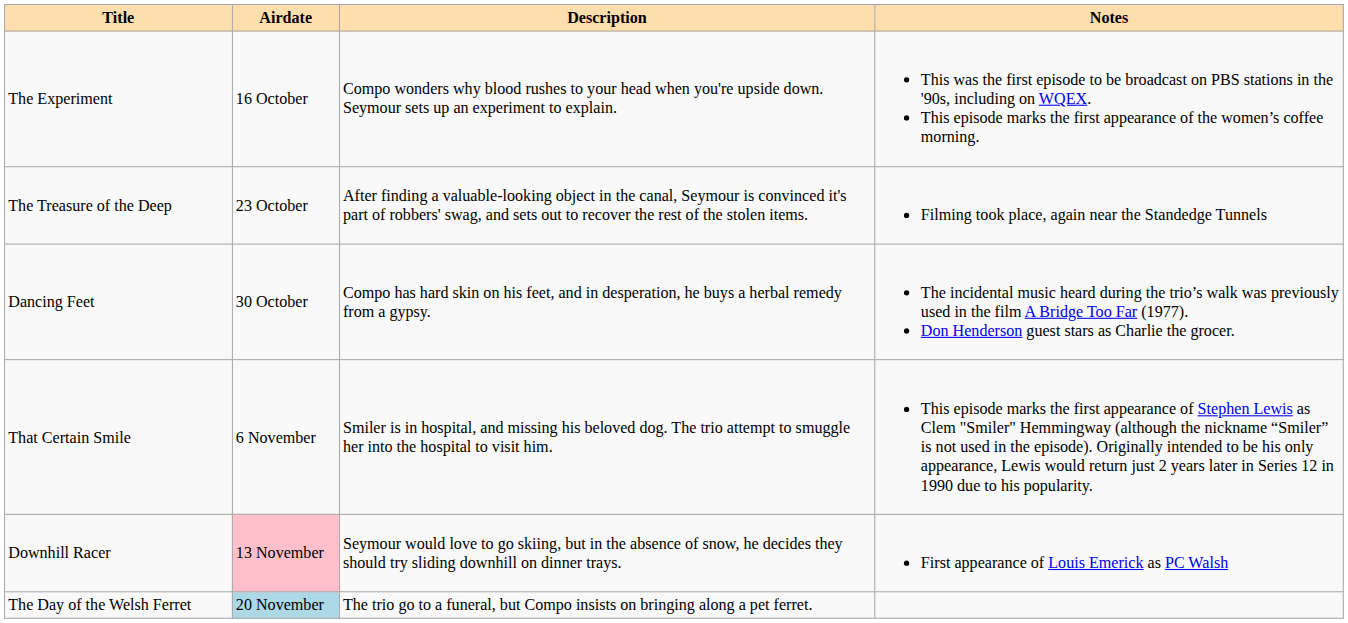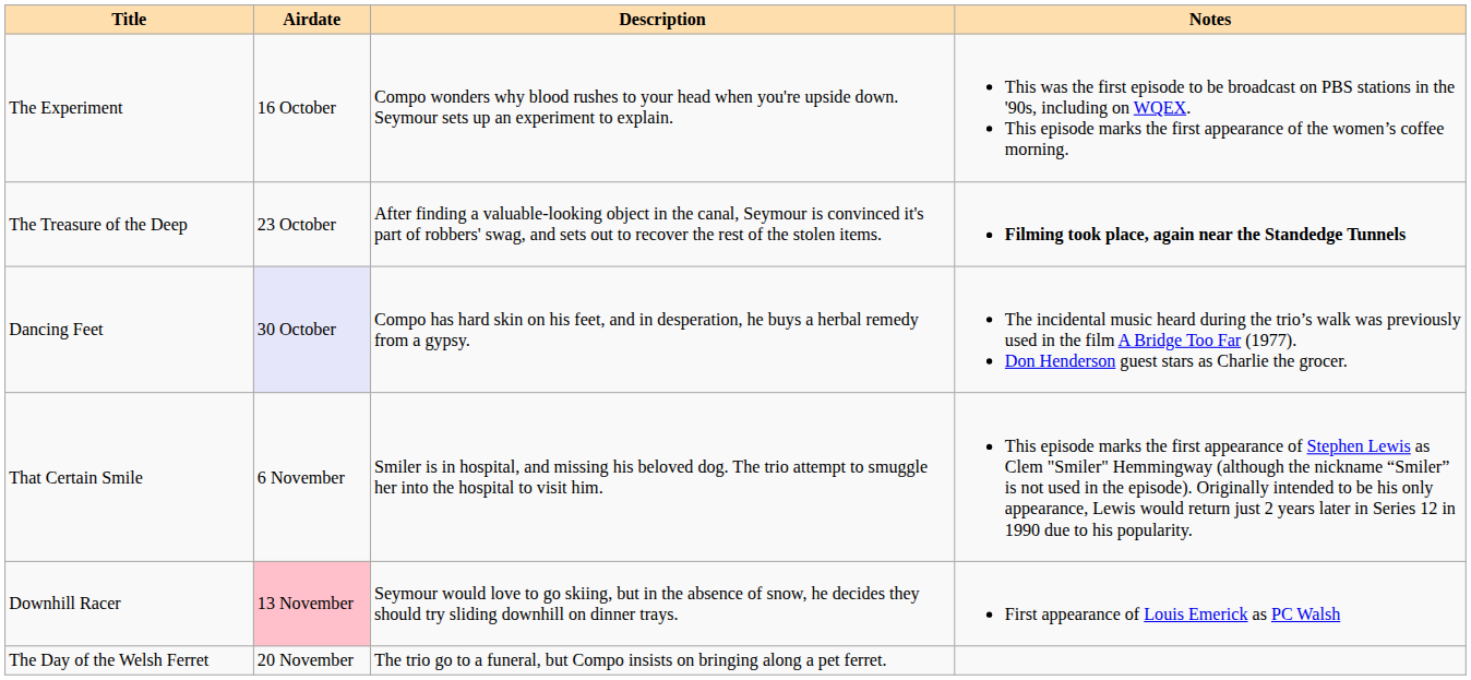 <table class="wikitable" width=100% border=1 style="font-size: 95%">
 <tr>
 <th style="background:#ffdead" width=17%>Title</th>
 <th style="background:#ffdead" width=8%>Airdate</th>
 <th style="background:#ffdead" width=40%>Description</th>
 <th style="background:#ffdead" width=35%>Notes</th>
 </tr>
 <tr>
 <td>The Experiment</td>
 <td>16 October</td>
 <td>Compo wonders why blood rushes to your head when you're upside down. Seymour sets up an experiment to explain.</td>
 <td><br><ul><li>This was the first episode to be broadcast on PBS stations in the '90s, including on <a href='#'>WQEX</a>.</li><li>This episode marks the first appearance of the women’s coffee morning.</li></ul></td>
 </tr>
 <tr>
 <td>The Treasure of the Deep</td>
 <td>23 October</td>
 <td>After finding a valuable-looking object in the canal, Seymour is convinced it's part of robbers' swag, and sets out to recover the rest of the stolen items.</td>
-<td><br><ul><li>Filming took place, again near the Standedge Tunnels</li></ul></td>
+<td><strong><br><ul><li>Filming took place, again near the Standedge Tunnels</li></ul></strong></td>
 </tr>
 <tr>
 <td>Dancing Feet</td>
-<td>30 October</td>
+<td style="background: lavender;">30 October</td>
 <td>Compo has hard skin on his feet, and in desperation, he buys a herbal remedy from a gypsy.</td>
 <td><br><ul><li>The incidental music heard during the trio’s walk was previously used in the film <a href='#'>A Bridge Too Far</a> (1977).</li><li><a href='#'>Don Henderson</a> guest stars as Charlie the grocer.</li></ul></td>
 </tr>
 <tr>
 <td>That Certain Smile</td>
 <td>6 November</td>
 <td>Smiler is in hospital, and missing his beloved dog. The trio attempt to smuggle her into the hospital to visit him.</td>
 <td><br><ul><li>This episode marks the first appearance of <a href='#'>Stephen Lewis</a> as Clem "Smiler" Hemmingway (although the nickname “Smiler” is not used in the episode). Originally intended to be his only appearance, Lewis would return just 2 years later in Series 12 in 1990 due to his popularity.</li></ul></td>
 </tr>
 <tr>
 <td>Downhill Racer</td>
 <td style="background: pink;">13 November</td>
 <td>Seymour would love to go skiing, but in the absence of snow, he decides they should try sliding downhill on dinner trays.</td>
 <td><br><ul><li>First appearance of <a href='#'>Louis Emerick</a> as <a href='#'>PC Walsh</a></li></ul></td>
 </tr>
 <tr>
 <td>The Day of the Welsh Ferret</td>
-<td style="background: lightblue;">20 November</td>
+<td>20 November</td>
 <td>The trio go to a funeral, but Compo insists on bringing along a pet ferret.</td>
 </tr>
 </table>
